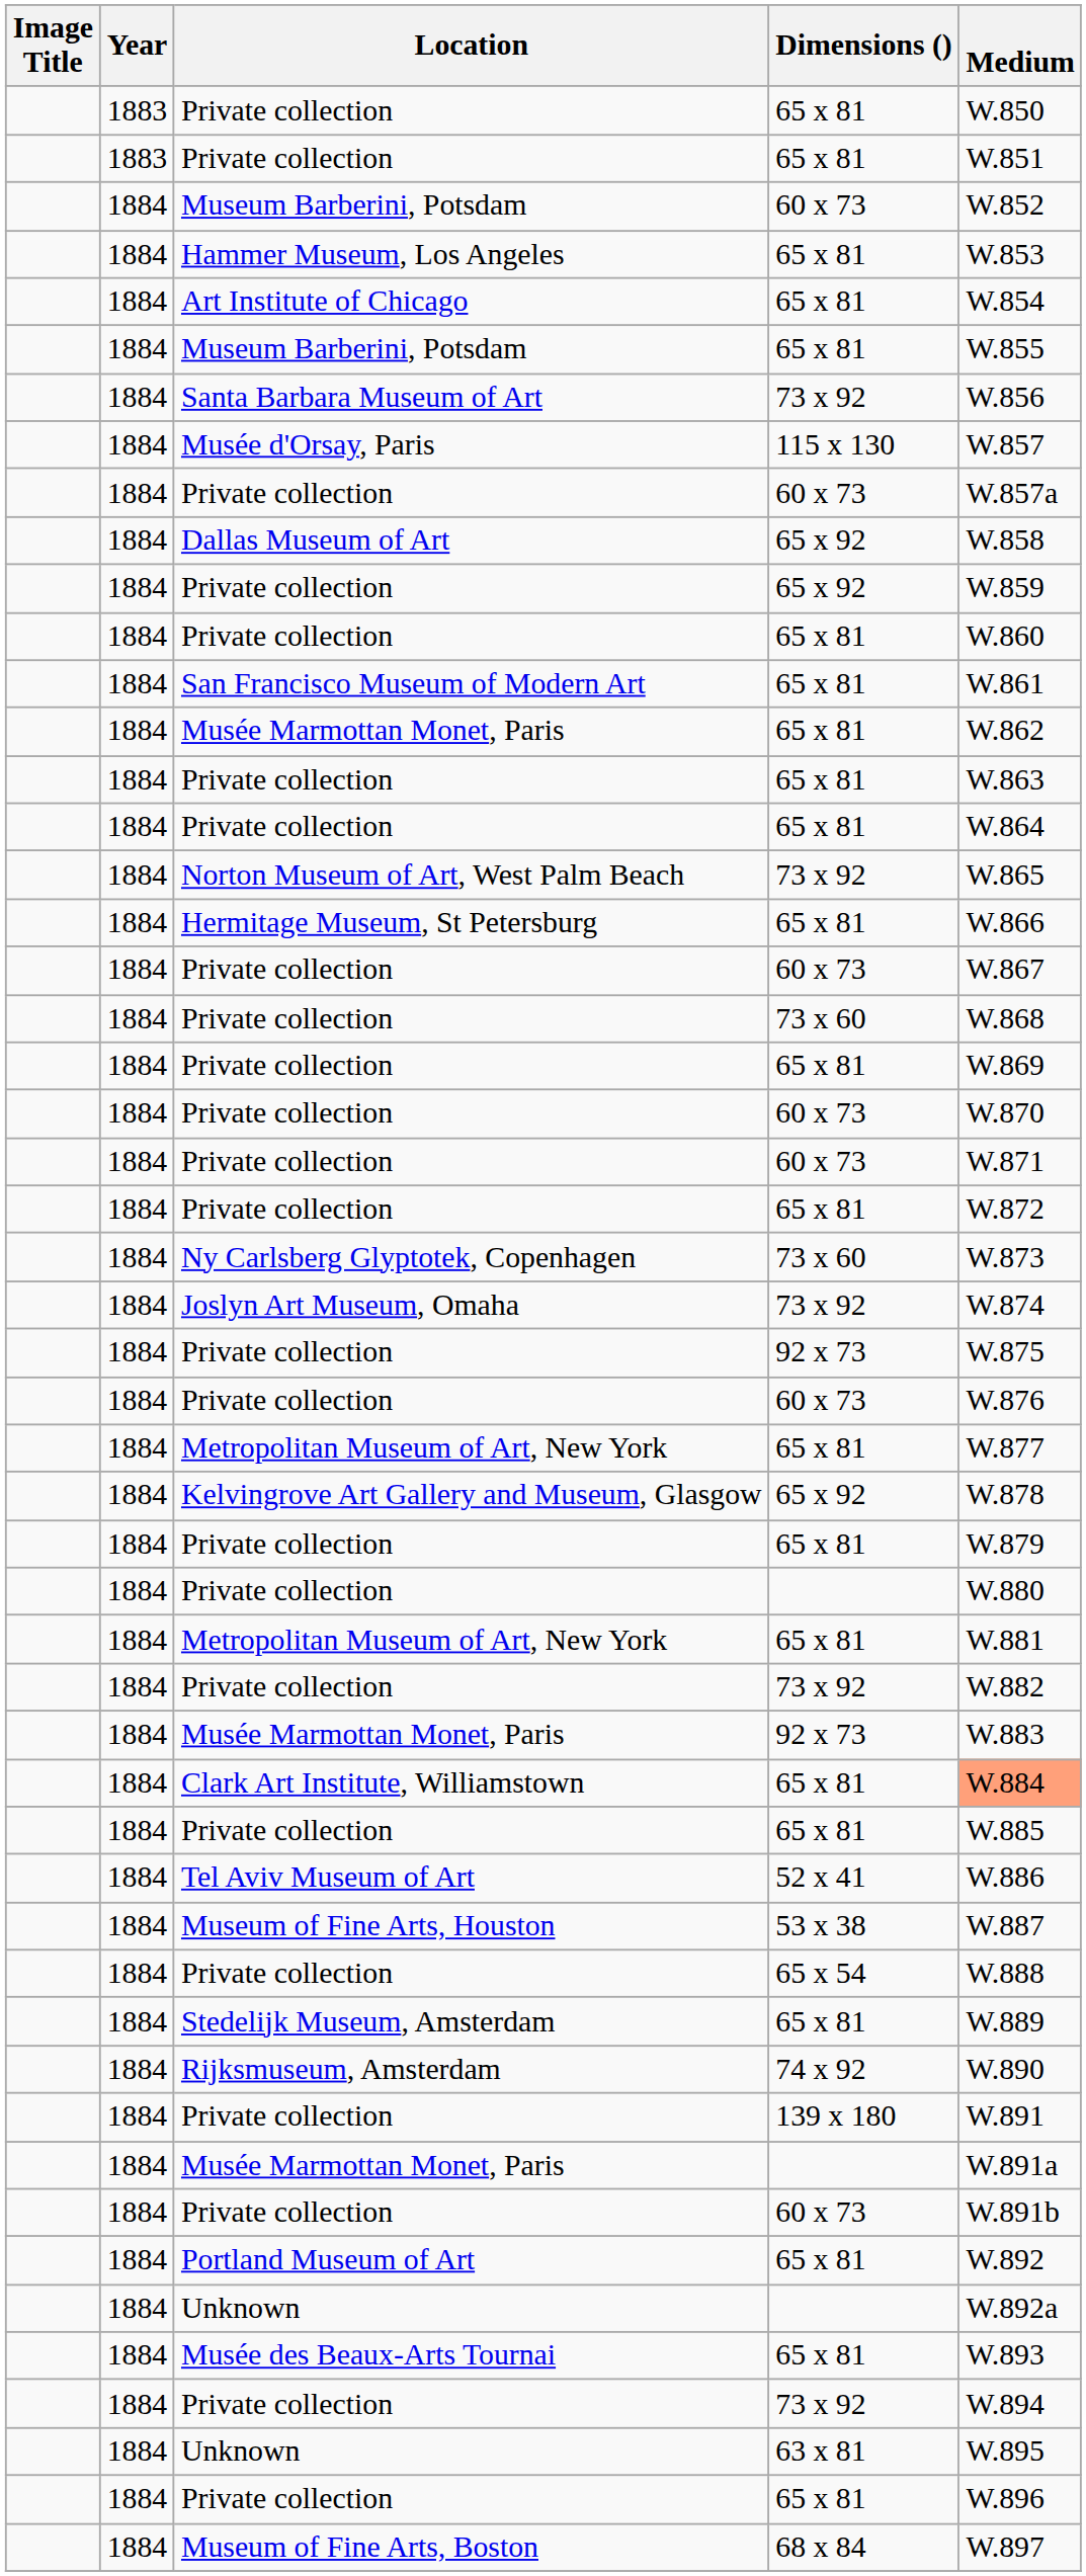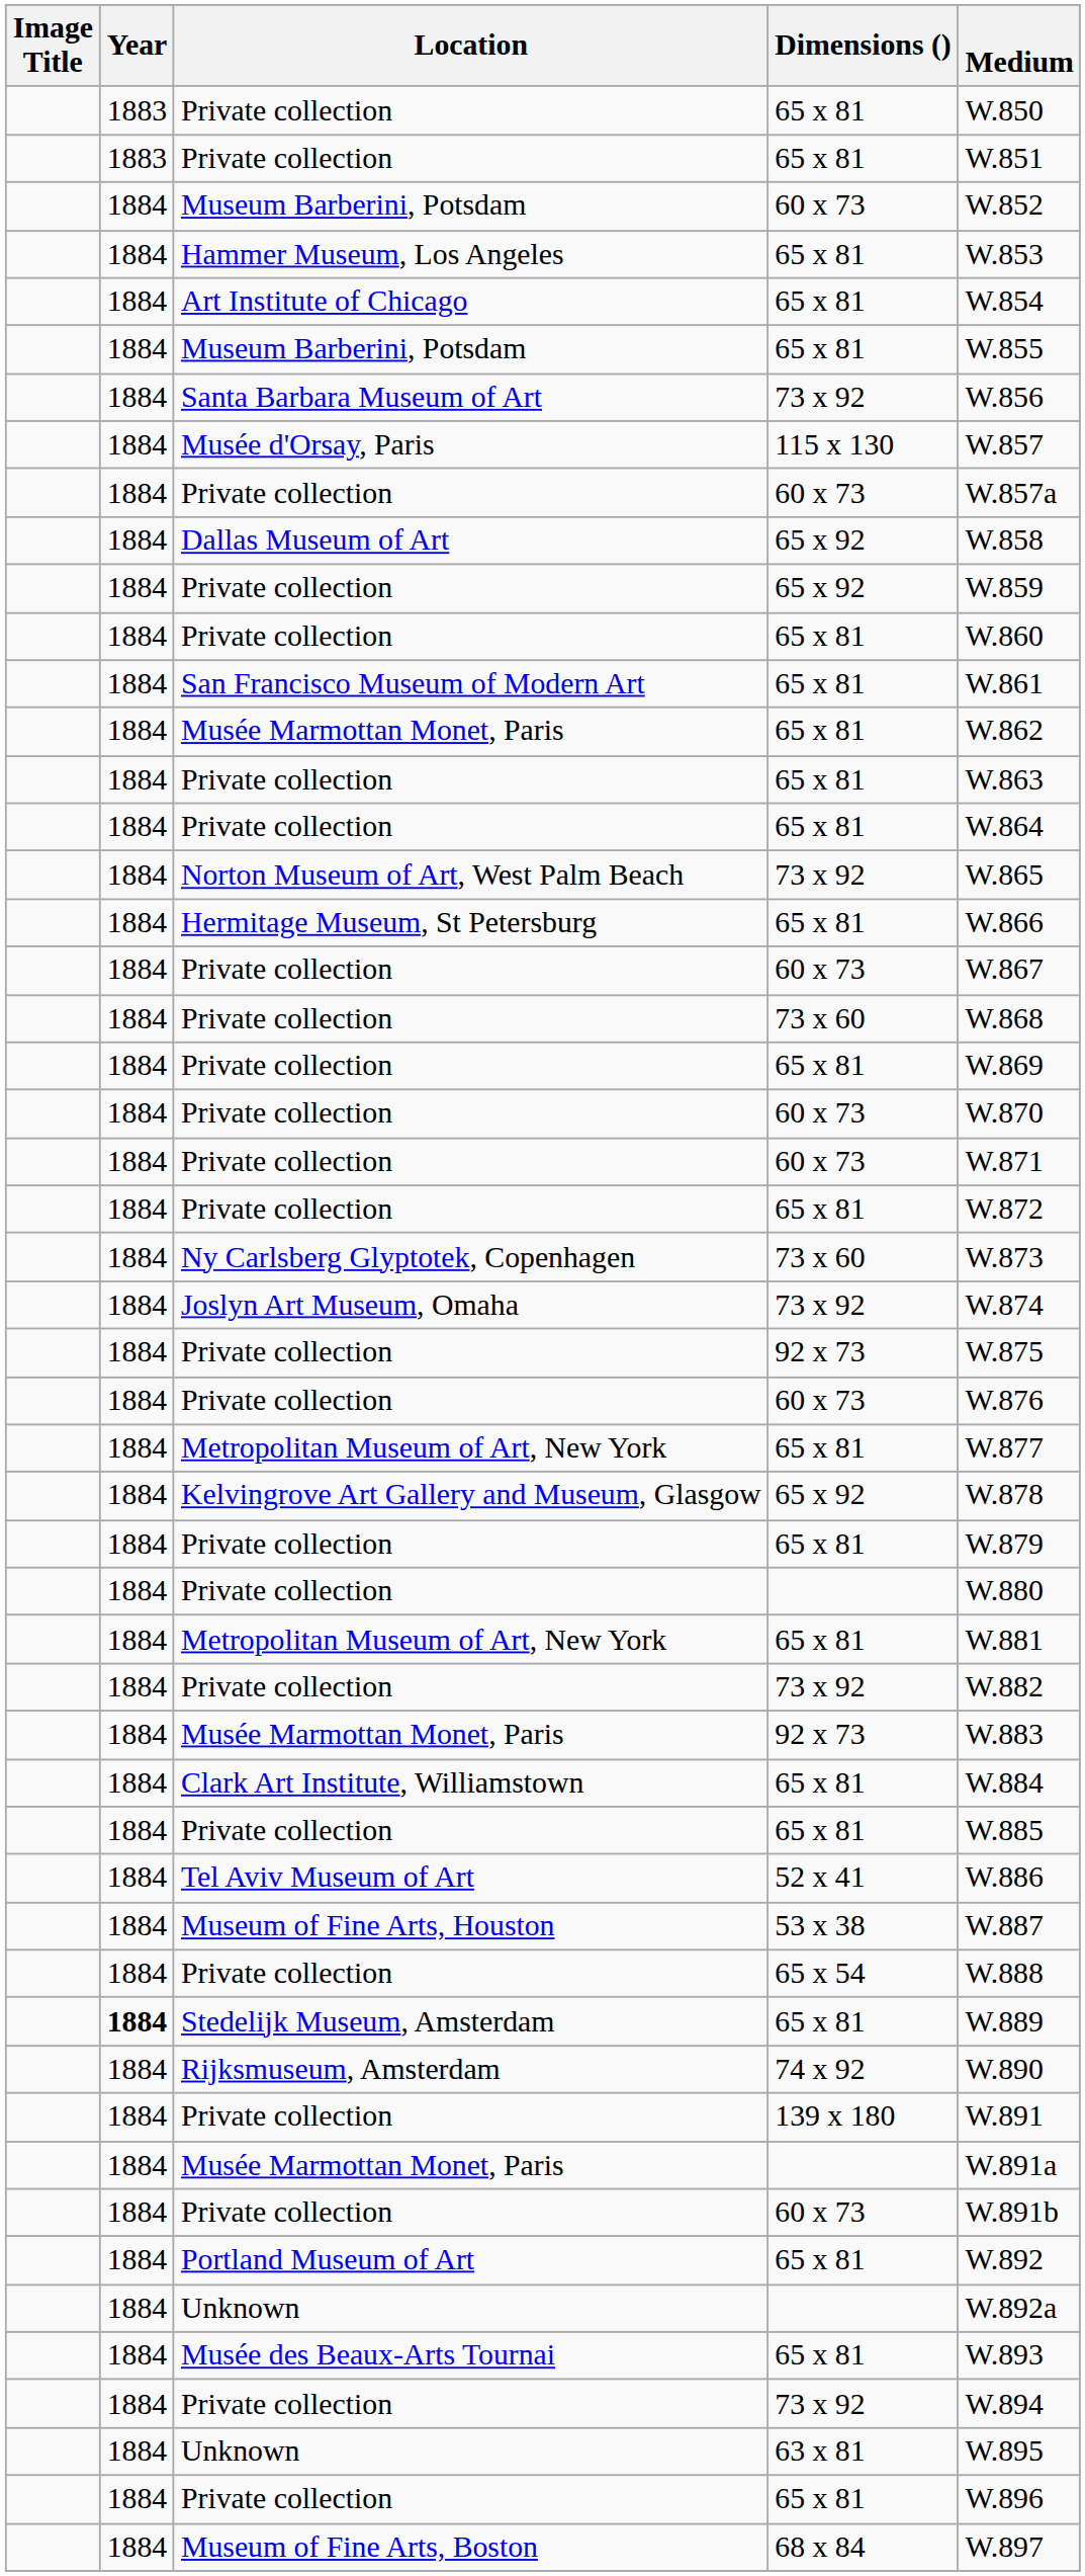 <table class="sortable wikitable" style="margin-left:0.5em; text-align:left">
 <tr>
 <th>Image<br>Title</th>
 <th>Year</th>
 <th>Location</th>
 <th>Dimensions ()</th>
 <th><br>Medium</th>
 </tr>
 <tr>
 <td></td>
 <td>1883</td>
 <td>Private collection</td>
 <td>65 x 81</td>
 <td>W.850</td>
 </tr>
 <tr>
 <td></td>
 <td>1883</td>
 <td>Private collection</td>
 <td>65 x 81</td>
 <td>W.851</td>
 </tr>
 <tr>
 <td></td>
 <td>1884</td>
 <td><a href='#'>Museum Barberini</a>, Potsdam</td>
 <td>60 x 73</td>
 <td>W.852</td>
 </tr>
 <tr>
 <td></td>
 <td>1884</td>
 <td><a href='#'>Hammer Museum</a>, Los Angeles</td>
 <td>65 x 81</td>
 <td>W.853</td>
 </tr>
 <tr>
 <td></td>
 <td>1884</td>
 <td><a href='#'>Art Institute of Chicago</a></td>
 <td>65 x 81</td>
 <td>W.854</td>
 </tr>
 <tr>
 <td></td>
 <td>1884</td>
 <td><a href='#'>Museum Barberini</a>, Potsdam</td>
 <td>65 x 81</td>
 <td>W.855</td>
 </tr>
 <tr>
 <td></td>
 <td>1884</td>
 <td><a href='#'>Santa Barbara Museum of Art</a></td>
 <td>73 x 92</td>
 <td>W.856</td>
 </tr>
 <tr>
 <td></td>
 <td>1884</td>
 <td><a href='#'>Musée d'Orsay</a>, Paris</td>
 <td>115 x 130</td>
 <td>W.857</td>
 </tr>
 <tr>
 <td></td>
 <td>1884</td>
 <td>Private collection</td>
 <td>60 x 73</td>
 <td>W.857a</td>
 </tr>
 <tr>
 <td></td>
 <td>1884</td>
 <td><a href='#'>Dallas Museum of Art</a></td>
 <td>65 x 92</td>
 <td>W.858</td>
 </tr>
 <tr>
 <td></td>
 <td>1884</td>
 <td>Private collection</td>
 <td>65 x 92</td>
 <td>W.859</td>
 </tr>
 <tr>
 <td></td>
 <td>1884</td>
 <td>Private collection</td>
 <td>65 x 81</td>
 <td>W.860</td>
 </tr>
 <tr>
 <td></td>
 <td>1884</td>
 <td><a href='#'>San Francisco Museum of Modern Art</a></td>
 <td>65 x 81</td>
 <td>W.861</td>
 </tr>
 <tr>
 <td></td>
 <td>1884</td>
 <td><a href='#'>Musée Marmottan Monet</a>, Paris</td>
 <td>65 x 81</td>
 <td>W.862</td>
 </tr>
 <tr>
 <td></td>
 <td>1884</td>
 <td>Private collection</td>
 <td>65 x 81</td>
 <td>W.863</td>
 </tr>
 <tr>
 <td></td>
 <td>1884</td>
 <td>Private collection</td>
 <td>65 x 81</td>
 <td>W.864</td>
 </tr>
 <tr>
 <td></td>
 <td>1884</td>
 <td><a href='#'>Norton Museum of Art</a>, West Palm Beach</td>
 <td>73 x 92</td>
 <td>W.865</td>
 </tr>
 <tr>
 <td></td>
 <td>1884</td>
 <td><a href='#'>Hermitage Museum</a>, St Petersburg</td>
 <td>65 x 81</td>
 <td>W.866</td>
 </tr>
 <tr>
 <td></td>
 <td>1884</td>
 <td>Private collection</td>
 <td>60 x 73</td>
 <td>W.867</td>
 </tr>
 <tr>
 <td></td>
 <td>1884</td>
 <td>Private collection</td>
 <td>73 x 60</td>
 <td>W.868</td>
 </tr>
 <tr>
 <td></td>
 <td>1884</td>
 <td>Private collection</td>
 <td>65 x 81</td>
 <td>W.869</td>
 </tr>
 <tr>
 <td></td>
 <td>1884</td>
 <td>Private collection</td>
 <td>60 x 73</td>
 <td>W.870</td>
 </tr>
 <tr>
 <td></td>
 <td>1884</td>
 <td>Private collection</td>
 <td>60 x 73</td>
 <td>W.871</td>
 </tr>
 <tr>
 <td></td>
 <td>1884</td>
 <td>Private collection</td>
 <td>65 x 81</td>
 <td>W.872</td>
 </tr>
 <tr>
 <td></td>
 <td>1884</td>
 <td><a href='#'>Ny Carlsberg Glyptotek</a>, Copenhagen</td>
 <td>73 x 60</td>
 <td>W.873</td>
 </tr>
 <tr>
 <td></td>
 <td>1884</td>
 <td><a href='#'>Joslyn Art Museum</a>, Omaha</td>
 <td>73 x 92</td>
 <td>W.874</td>
 </tr>
 <tr>
 <td></td>
 <td>1884</td>
 <td>Private collection</td>
 <td>92 x 73</td>
 <td>W.875</td>
 </tr>
 <tr>
 <td></td>
 <td>1884</td>
 <td>Private collection</td>
 <td>60 x 73</td>
 <td>W.876</td>
 </tr>
 <tr>
 <td></td>
 <td>1884</td>
 <td><a href='#'>Metropolitan Museum of Art</a>, New York</td>
 <td>65 x 81</td>
 <td>W.877</td>
 </tr>
 <tr>
 <td></td>
 <td>1884</td>
 <td><a href='#'>Kelvingrove Art Gallery and Museum</a>, Glasgow</td>
 <td>65 x 92</td>
 <td>W.878</td>
 </tr>
 <tr>
 <td></td>
 <td>1884</td>
 <td>Private collection</td>
 <td>65 x 81</td>
 <td>W.879</td>
 </tr>
 <tr>
 <td></td>
 <td>1884</td>
 <td>Private collection</td>
 <td></td>
 <td>W.880</td>
 </tr>
 <tr>
 <td></td>
 <td>1884</td>
 <td><a href='#'>Metropolitan Museum of Art</a>, New York</td>
 <td>65 x 81</td>
 <td>W.881</td>
 </tr>
 <tr>
 <td></td>
 <td>1884</td>
 <td>Private collection</td>
 <td>73 x 92</td>
 <td>W.882</td>
 </tr>
 <tr>
 <td></td>
 <td>1884</td>
 <td><a href='#'>Musée Marmottan Monet</a>, Paris</td>
 <td>92 x 73</td>
 <td>W.883</td>
 </tr>
 <tr>
 <td></td>
 <td>1884</td>
 <td><a href='#'>Clark Art Institute</a>, Williamstown</td>
 <td>65 x 81</td>
-<td style="background: lightsalmon;">W.884</td>
+<td>W.884</td>
 </tr>
 <tr>
 <td></td>
 <td>1884</td>
 <td>Private collection</td>
 <td>65 x 81</td>
 <td>W.885</td>
 </tr>
 <tr>
 <td></td>
 <td>1884</td>
 <td><a href='#'>Tel Aviv Museum of Art</a></td>
 <td>52 x 41</td>
 <td>W.886</td>
 </tr>
 <tr>
 <td></td>
 <td>1884</td>
 <td><a href='#'>Museum of Fine Arts, Houston</a></td>
 <td>53 x 38</td>
 <td>W.887</td>
 </tr>
 <tr>
 <td></td>
 <td>1884</td>
 <td>Private collection</td>
 <td>65 x 54</td>
 <td>W.888</td>
 </tr>
 <tr>
 <td></td>
-<td>1884</td>
+<td><strong>1884</strong></td>
 <td><a href='#'>Stedelijk Museum</a>, Amsterdam</td>
 <td>65 x 81</td>
 <td>W.889</td>
 </tr>
 <tr>
 <td></td>
 <td>1884</td>
 <td><a href='#'>Rijksmuseum</a>, Amsterdam</td>
 <td>74 x 92</td>
 <td>W.890</td>
 </tr>
 <tr>
 <td></td>
 <td>1884</td>
 <td>Private collection</td>
 <td>139 x 180</td>
 <td>W.891</td>
 </tr>
 <tr>
 <td></td>
 <td>1884</td>
 <td><a href='#'>Musée Marmottan Monet</a>, Paris</td>
 <td></td>
 <td>W.891a</td>
 </tr>
 <tr>
 <td></td>
 <td>1884</td>
 <td>Private collection</td>
 <td>60 x 73</td>
 <td>W.891b</td>
 </tr>
 <tr>
 <td></td>
 <td>1884</td>
 <td><a href='#'>Portland Museum of Art</a></td>
 <td>65 x 81</td>
 <td>W.892</td>
 </tr>
 <tr>
 <td></td>
 <td>1884</td>
 <td>Unknown</td>
 <td></td>
 <td>W.892a</td>
 </tr>
 <tr>
 <td></td>
 <td>1884</td>
 <td><a href='#'>Musée des Beaux-Arts Tournai</a></td>
 <td>65 x 81</td>
 <td>W.893</td>
 </tr>
 <tr>
 <td></td>
 <td>1884</td>
 <td>Private collection</td>
 <td>73 x 92</td>
 <td>W.894</td>
 </tr>
 <tr>
 <td></td>
 <td>1884</td>
 <td>Unknown</td>
 <td>63 x 81</td>
 <td>W.895</td>
 </tr>
 <tr>
 <td></td>
 <td>1884</td>
 <td>Private collection</td>
 <td>65 x 81</td>
 <td>W.896</td>
 </tr>
 <tr>
 <td></td>
 <td>1884</td>
 <td><a href='#'>Museum of Fine Arts, Boston</a></td>
 <td>68 x 84</td>
 <td>W.897</td>
 </tr>
 <tr>
 </tr>
 </table>
